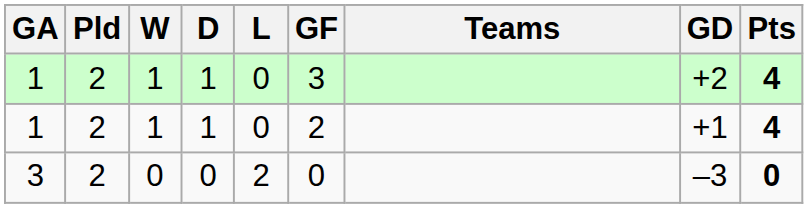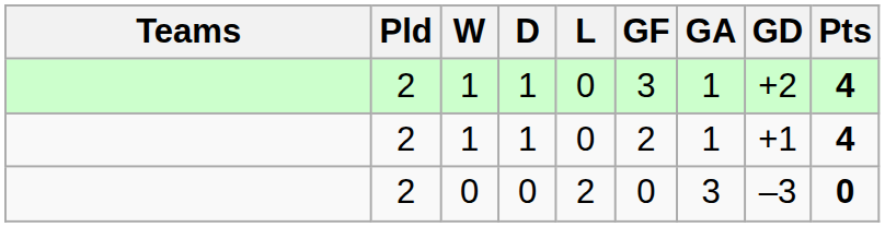 <table class="wikitable" style="text-align: center;">
 <tr>
-<th width=20>GA</th>
+<th width=165>Teams</th>
 <th width=20>Pld</th>
 <th width=20>W</th>
 <th width=20>D</th>
 <th width=20>L</th>
 <th width=20>GF</th>
-<th width=165>Teams</th>
+<th width=20>GA</th>
 <th width=20>GD</th>
 <th width=20>Pts</th>
 </tr>
 <tr align=center style="background:#ccffcc;">
-<td>1</td>
+<td style="text-align:left;"></td>
 <td>2</td>
 <td>1</td>
 <td>1</td>
 <td>0</td>
 <td>3</td>
-<td style="text-align:left;"></td>
+<td>1</td>
 <td>+2</td>
 <td><strong>4</strong></td>
 </tr>
 <tr align=center>
-<td>1</td>
+<td style="text-align:left;"></td>
 <td>2</td>
 <td>1</td>
 <td>1</td>
 <td>0</td>
 <td>2</td>
-<td style="text-align:left;"></td>
+<td>1</td>
 <td>+1</td>
 <td><strong>4</strong></td>
 </tr>
 <tr align=center>
-<td>3</td>
+<td style="text-align:left;"></td>
 <td>2</td>
 <td>0</td>
 <td>0</td>
 <td>2</td>
 <td>0</td>
-<td style="text-align:left;"></td>
+<td>3</td>
 <td>–3</td>
 <td><strong>0</strong></td>
 </tr>
 </table>
